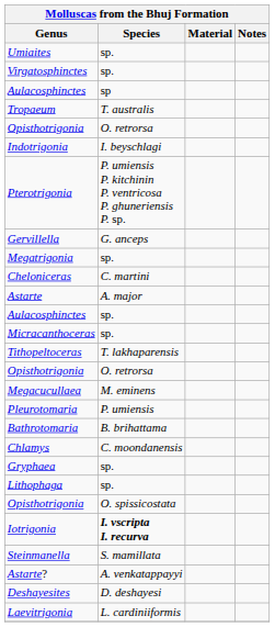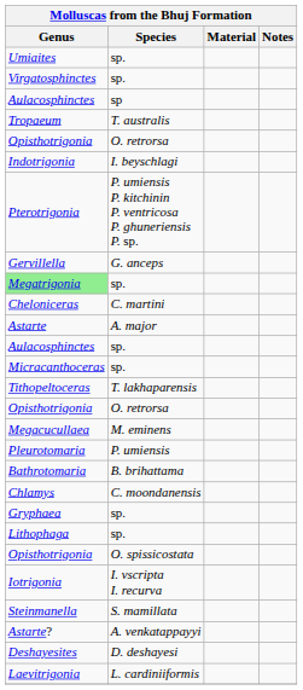 <table class="wikitable" align="center">
 <tr>
 <th colspan="7" align="center"><strong><a href='#'>Molluscas</a> from the Bhuj Formation</strong></th>
 </tr>
 <tr>
 <th>Genus</th>
 <th>Species</th>
 <th>Material</th>
 <th>Notes</th>
 </tr>
 <tr>
 <td><em><a href='#'>Umiaites</a></em></td>
 <td>sp.</td>
 <td></td>
 <td></td>
 </tr>
 <tr>
 <td><em><a href='#'>Virgatosphinctes</a></em></td>
 <td>sp.</td>
 <td></td>
 <td></td>
 </tr>
 <tr>
 <td><em><a href='#'>Aulacosphinctes</a></em></td>
 <td>sp</td>
 <td></td>
 <td></td>
 </tr>
 <tr>
 <td><em><a href='#'>Tropaeum</a></em></td>
 <td><em>T. australis</em></td>
 <td></td>
 <td></td>
 </tr>
 <tr>
 <td><em><a href='#'>Opisthotrigonia</a></em></td>
 <td><em>O. retrorsa</em></td>
 <td></td>
 <td></td>
 </tr>
 <tr>
 <td><em><a href='#'>Indotrigonia</a></em></td>
 <td><em>I. beyschlagi</em></td>
 <td></td>
 <td></td>
 </tr>
 <tr>
 <td><em><a href='#'>Pterotrigonia</a></em></td>
 <td><em>P. umiensis</em><br><em>P. kitchinin</em><br><em>P. ventricosa</em><br><em>P. ghuneriensis</em><br><em>P.</em> sp.</td>
 <td></td>
 <td></td>
 </tr>
 <tr>
 <td><em><a href='#'>Gervillella</a></em></td>
 <td><em>G. anceps</em></td>
 <td></td>
 <td></td>
 </tr>
 <tr>
-<td><em><a href='#'>Megatrigonia</a></em></td>
+<td style="background: lightgreen;"><em><a href='#'>Megatrigonia</a></em></td>
 <td>sp.</td>
 <td></td>
 <td></td>
 </tr>
 <tr>
 <td><em><a href='#'>Cheloniceras</a></em></td>
 <td><em>C. martini</em></td>
 <td></td>
 <td></td>
 </tr>
 <tr>
 <td><em><a href='#'>Astarte</a></em></td>
 <td><em>A. major</em></td>
 <td></td>
 <td></td>
 </tr>
 <tr>
 <td><em><a href='#'>Aulacosphinctes</a></em></td>
 <td>sp.</td>
 <td></td>
 <td></td>
 </tr>
 <tr>
 <td><em><a href='#'>Micracanthoceras</a></em></td>
 <td>sp.</td>
 <td></td>
 <td></td>
 </tr>
 <tr>
 <td><em><a href='#'>Tithopeltoceras</a></em></td>
 <td><em>T. lakhaparensis</em></td>
 <td></td>
 <td></td>
 </tr>
 <tr>
 <td><em><a href='#'>Opisthotrigonia</a></em></td>
 <td><em>O. retrorsa</em></td>
 <td></td>
 <td></td>
 </tr>
 <tr>
 <td><em><a href='#'>Megacucullaea</a></em></td>
 <td><em>M. eminens</em></td>
 <td></td>
 <td></td>
 </tr>
 <tr>
 <td><em><a href='#'>Pleurotomaria</a></em></td>
 <td><em>P. umiensis</em></td>
 <td></td>
 <td></td>
 </tr>
 <tr>
 <td><em><a href='#'>Bathrotomaria</a></em></td>
 <td><em>B. brihattama</em></td>
 <td></td>
 <td></td>
 </tr>
 <tr>
 <td><em><a href='#'>Chlamys</a></em></td>
 <td><em>C. moondanensis</em></td>
 <td></td>
 <td></td>
 </tr>
 <tr>
 <td><em><a href='#'>Gryphaea</a></em></td>
 <td>sp.</td>
 <td></td>
 <td></td>
 </tr>
 <tr>
 <td><em><a href='#'>Lithophaga</a></em></td>
 <td>sp.</td>
 <td></td>
 <td></td>
 </tr>
 <tr>
 <td><em><a href='#'>Opisthotrigonia</a></em></td>
 <td><em>O. spissicostata</em></td>
 <td></td>
 <td></td>
 </tr>
 <tr>
 <td><em><a href='#'>Iotrigonia</a></em></td>
-<td><strong><em>I. vscripta</em><br><em>I. recurva</em></strong></td>
+<td><em>I. vscripta</em><br><em>I. recurva</em></td>
 <td></td>
 <td></td>
 </tr>
 <tr>
 <td><em><a href='#'>Steinmanella</a></em></td>
 <td><em>S. mamillata</em></td>
 <td></td>
 <td></td>
 </tr>
 <tr>
 <td><em><a href='#'>Astarte</a></em>?</td>
 <td><em>A. venkatappayyi</em></td>
 <td></td>
 <td></td>
 </tr>
 <tr>
 <td><em><a href='#'>Deshayesites</a></em></td>
 <td><em>D. deshayesi</em></td>
 <td></td>
 <td></td>
 </tr>
 <tr>
 <td><em><a href='#'>Laevitrigonia</a></em></td>
 <td><em>L. cardiniiformis</em></td>
 <td></td>
 <td></td>
 </tr>
 <tr>
 </tr>
 </table>
